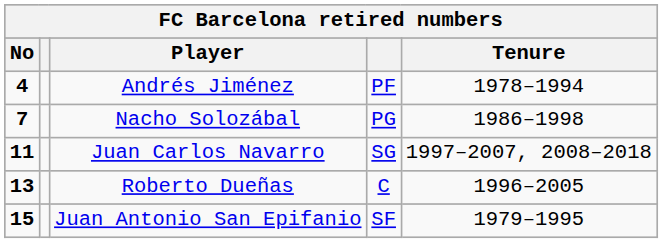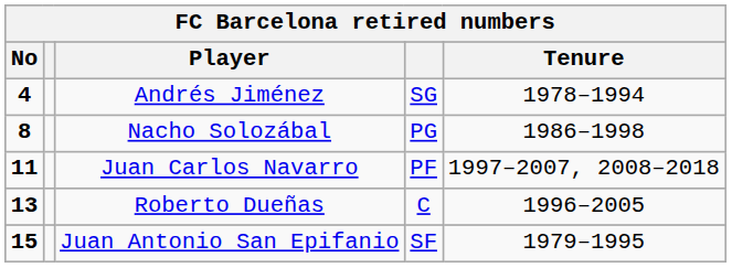 <table class="wikitable sortable" style="text-align:center; font-size:95%;">
 <tr>
 <th colspan=5>FC Barcelona retired numbers</th>
 </tr>
 <tr>
 <th>No</th>
 <th></th>
 <th>Player</th>
 <th></th>
 <th>Tenure</th>
 </tr>
 <tr>
 <td><strong>4</strong></td>
 <td></td>
 <td><a href='#'>Andrés Jiménez</a></td>
-<td><a href='#'>PF</a></td>
+<td><a href='#'>SG</a></td>
 <td>1978–1994</td>
 </tr>
 <tr>
-<td><strong>7</strong></td>
+<td><strong>8</strong></td>
 <td></td>
 <td><a href='#'>Nacho Solozábal</a></td>
 <td><a href='#'>PG</a></td>
 <td>1986–1998</td>
 </tr>
 <tr>
 <td><strong>11</strong></td>
 <td></td>
 <td><a href='#'>Juan Carlos Navarro</a></td>
-<td><a href='#'>SG</a></td>
+<td><a href='#'>PF</a></td>
 <td>1997–2007, 2008–2018</td>
 </tr>
 <tr>
 <td><strong>13</strong></td>
 <td></td>
 <td><a href='#'>Roberto Dueñas</a></td>
 <td><a href='#'>C</a></td>
 <td>1996–2005</td>
 </tr>
 <tr>
 <td><strong>15</strong></td>
 <td></td>
 <td><a href='#'>Juan Antonio San Epifanio</a></td>
 <td><a href='#'>SF</a></td>
 <td>1979–1995</td>
 </tr>
 </table>
